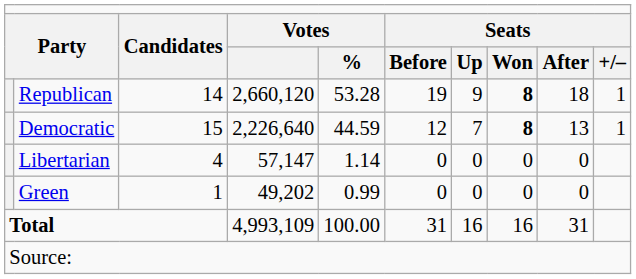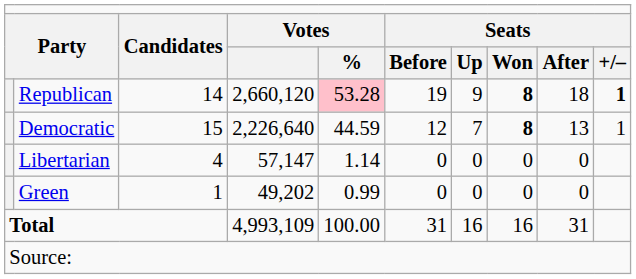 <table class="wikitable">
 <tr>
 <td colspan="15" style="text-align:center;"></td>
 </tr>
 <tr>
 <th rowspan="2" colspan="2">Party</th>
 <th rowspan="2">Candidates</th>
 <th colspan="2">Votes</th>
 <th colspan="5">Seats</th>
 </tr>
 <tr>
 <th></th>
 <th>%</th>
 <th>Before</th>
 <th>Up</th>
 <th>Won</th>
 <th>After</th>
 <th>+/–</th>
 </tr>
 <tr>
 <th style="background-color:"></th>
 <td><a href='#'>Republican</a></td>
 <td style="text-align:right;">14</td>
 <td style="text-align:right;">2,660,120</td>
-<td style="text-align:right;">53.28</td>
+<td style="background: pink; text-align:right;">53.28</td>
 <td style="text-align:right;">19</td>
 <td style="text-align:right;">9</td>
 <td style="text-align:right;"><strong>8</strong></td>
 <td style="text-align:right;">18</td>
-<td style="text-align:right;">1</td>
+<td style="text-align:right;"><strong>1</strong></td>
 </tr>
 <tr>
 <th style="background-color:"></th>
 <td><a href='#'>Democratic</a></td>
 <td style="text-align:right;">15</td>
 <td style="text-align:right;">2,226,640</td>
 <td style="text-align:right;">44.59</td>
 <td style="text-align:right;">12</td>
 <td style="text-align:right;">7</td>
 <td style="text-align:right;"><strong>8</strong></td>
 <td style="text-align:right;">13</td>
 <td style="text-align:right;">1</td>
 </tr>
 <tr>
 <th style="background-color:"></th>
 <td><a href='#'>Libertarian</a></td>
 <td style="text-align:right;">4</td>
 <td style="text-align:right;">57,147</td>
 <td style="text-align:right;">1.14</td>
 <td style="text-align:right;">0</td>
 <td style="text-align:right;">0</td>
 <td style="text-align:right;">0</td>
 <td style="text-align:right;">0</td>
 <td style="text-align:right;"></td>
 </tr>
 <tr>
 <th style="background-color:"></th>
 <td><a href='#'>Green</a></td>
 <td style="text-align:right;">1</td>
 <td style="text-align:right;">49,202</td>
 <td style="text-align:right;">0.99</td>
 <td style="text-align:right;">0</td>
 <td style="text-align:right;">0</td>
 <td style="text-align:right;">0</td>
 <td style="text-align:right;">0</td>
 <td style="text-align:right;"></td>
 </tr>
 <tr>
 <td colspan="3" style="text-align:left;"><strong>Total</strong></td>
 <td style="text-align:right;">4,993,109</td>
 <td style="text-align:right;">100.00</td>
 <td style="text-align:right;">31</td>
 <td style="text-align:right;">16</td>
 <td style="text-align:right;">16</td>
 <td style="text-align:right;">31</td>
 <td style="text-align:right;"></td>
 </tr>
 <tr>
 <td colspan="10">Source: </td>
 </tr>
 </table>
